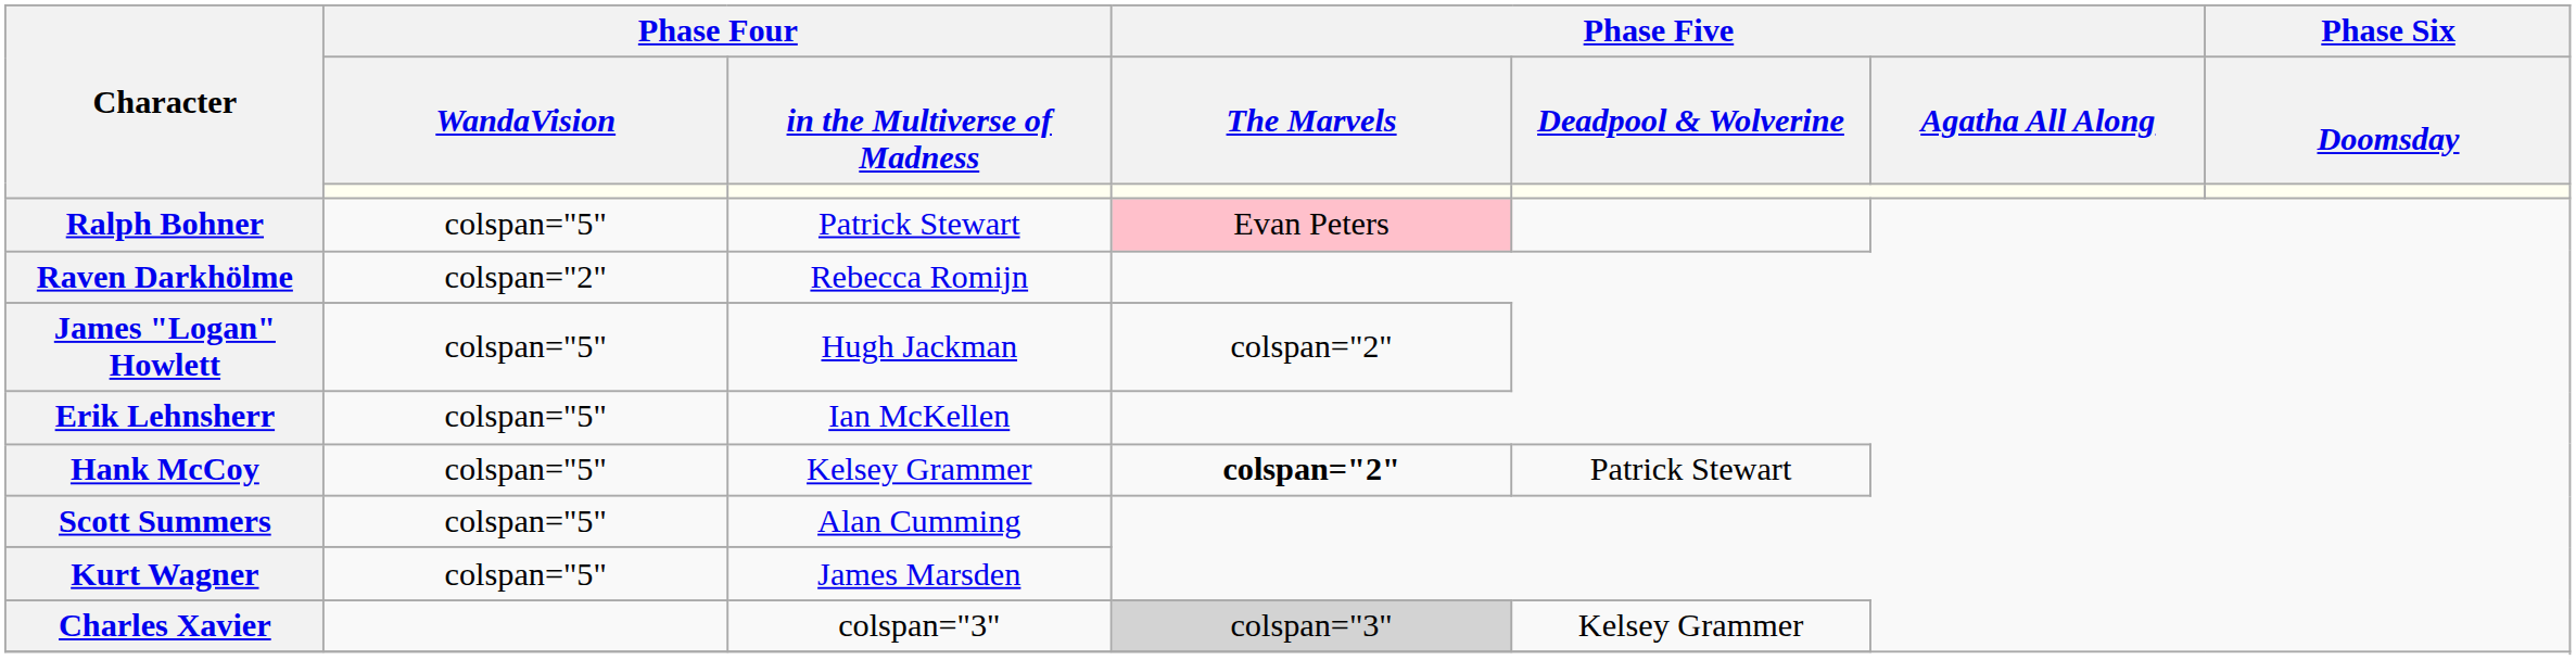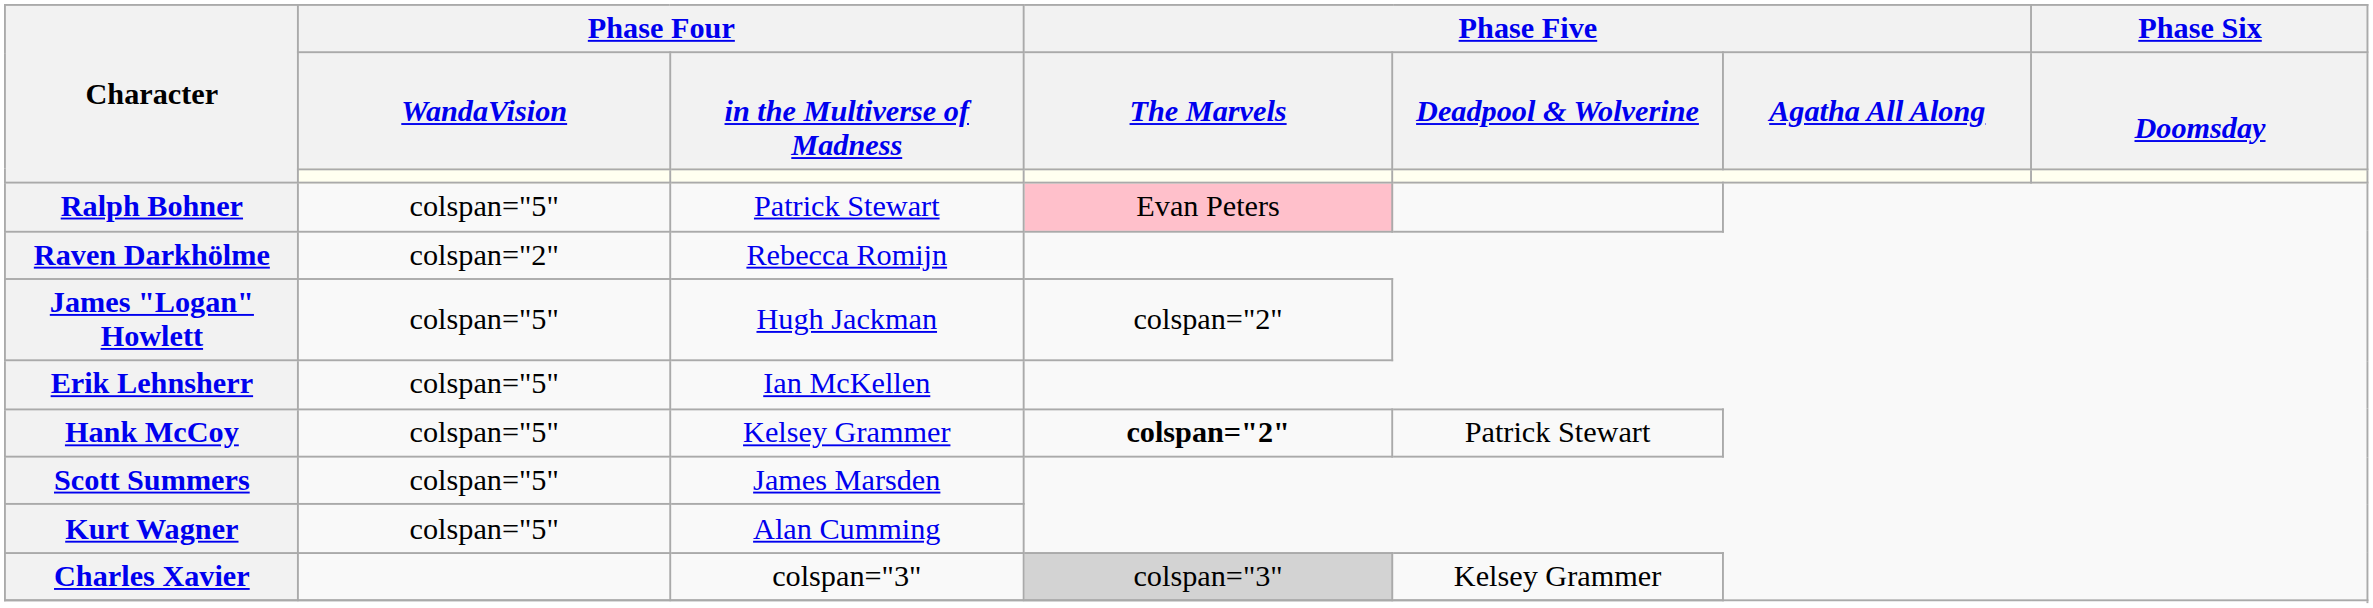 <table class="wikitable" style="text-align:center; width:99%;">
 <tr>
 <th rowspan="3" width="3.5%">Character</th>
 <th colspan="2" align="center"><a href='#'>Phase Four</a></th>
 <th colspan="3" align="center"><a href='#'>Phase Five</a></th>
 <th colspan="2" align="center"><a href='#'>Phase Six</a></th>
 </tr>
 <tr>
 <th align="center" width="5%"><em><a href='#'>WandaVision</a></em></th>
 <th align="center" width="5%"><em><a href='#'><br>in the Multiverse of Madness</a></em></th>
 <th align="center" width="5%"><em><a href='#'>The Marvels</a></em></th>
 <th align="center" width="5%"><em><a href='#'>Deadpool & Wolverine</a></em></th>
 <th align="center" width="5%"><a href='#'><em>Agatha All Along</em></a></th>
 <th align="center" width="5%"><em><a href='#'><br>Doomsday</a></em></th>
 </tr>
 <tr>
 <th style="background:ivory;"></th>
 <th style="background:ivory;"></th>
 <th style="background:ivory;"></th>
 <th colspan="2" style="background:ivory;"></th>
 <th style="background:ivory;"></th>
 </tr>
 <tr>
 <th scope="row"><a href='#'>Ralph Bohner<br></a></th>
 <td>colspan="5" </td>
 <td><a href='#'>Patrick Stewart</a></td>
 <td style="background: pink;">Evan Peters</td>
 <td></td>
 </tr>
 <tr>
 <th scope="row"><a href='#'>Raven Darkhölme<br></a></th>
 <td>colspan="2" </td>
 <td><a href='#'>Rebecca Romijn</a></td>
 </tr>
 <tr>
 <th scope="row"><a href='#'>James "Logan" Howlett<br></a></th>
 <td>colspan="5" </td>
 <td><a href='#'>Hugh Jackman</a></td>
 <td>colspan="2" </td>
 </tr>
 <tr>
 <th scope="row"><a href='#'>Erik Lehnsherr<br></a></th>
 <td>colspan="5" </td>
 <td><a href='#'>Ian McKellen</a></td>
 </tr>
 <tr>
 <th scope="row"><a href='#'>Hank McCoy<br></a></th>
 <td>colspan="5" </td>
 <td><a href='#'>Kelsey Grammer</a></td>
 <td><strong>colspan="2" </strong></td>
 <td>Patrick Stewart</td>
 </tr>
 <tr>
 <th scope="row"><a href='#'>Scott Summers<br></a></th>
 <td>colspan="5" </td>
-<td><a href='#'>Alan Cumming</a></td>
+<td><a href='#'>James Marsden</a></td>
 </tr>
 <tr>
 <th scope="row"><a href='#'>Kurt Wagner<br></a></th>
 <td>colspan="5" </td>
-<td><a href='#'>James Marsden</a></td>
+<td><a href='#'>Alan Cumming</a></td>
 </tr>
 <tr>
 <th scope="row"><a href='#'>Charles Xavier</a></th>
 <td></td>
 <td>colspan="3" </td>
 <td style="background: lightgrey;">colspan="3" </td>
 <td>Kelsey Grammer</td>
 </tr>
 <tr>
 </tr>
 </table>
